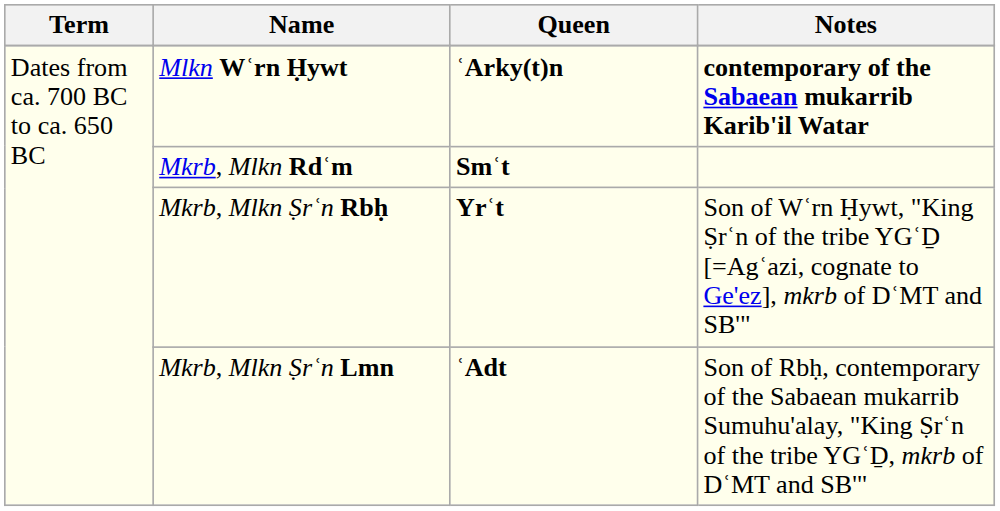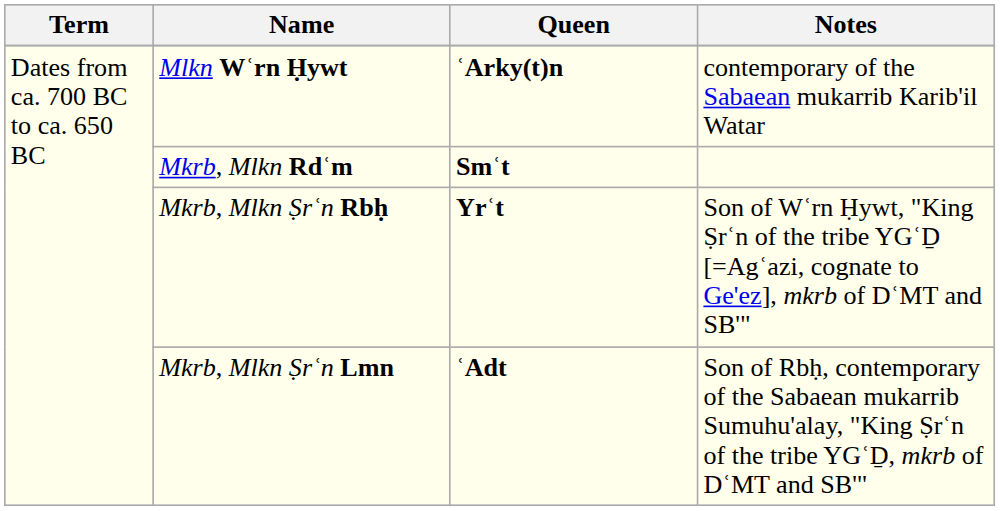 <table class="wikitable">
 <tr align=left>
 <th width="15%">Term</th>
 <th width="30%">Name</th>
 <th width="25%">Queen</th>
 <th width="30%">Notes</th>
 </tr>
 <tr valign=top>
 </tr>
 <tr valign=top bgcolor="#ffffec">
 <td rowspan="5">Dates from ca. 700 BC to ca. 650 BC</td>
 </tr>
 <tr valign=top bgcolor="#ffffec">
 <td><em><a href='#'>Mlkn</a></em> <strong>Wʿrn Ḥywt</strong></td>
 <td><strong>ʿArky(t)n</strong></td>
-<td><strong>contemporary of the <a href='#'>Sabaean</a> mukarrib Karib'il Watar</strong></td>
+<td>contemporary of the <a href='#'>Sabaean</a> mukarrib Karib'il Watar</td>
 </tr>
 <tr valign=top bgcolor="#ffffec">
 <td><em><a href='#'>Mkrb</a></em>, <em>Mlkn</em> <strong>Rdʿm</strong></td>
 <td><strong>Smʿt</strong></td>
 <td></td>
 </tr>
 <tr valign=top bgcolor="#ffffec">
 <td><em>Mkrb</em>, <em>Mlkn Ṣrʿn</em> <strong>Rbḥ</strong></td>
 <td><strong>Yrʿt</strong></td>
 <td>Son of Wʿrn Ḥywt, "King Ṣrʿn of the tribe YGʿḎ [=Agʿazi, cognate to <a href='#'>Ge'ez</a>], <em>mkrb</em> of DʿMT and SB'"</td>
 </tr>
 <tr valign=top bgcolor="#ffffec">
 <td><em>Mkrb</em>, <em>Mlkn Ṣrʿn</em> <strong>Lmn</strong></td>
 <td><strong>ʿAdt</strong></td>
 <td>Son of Rbḥ, contemporary of the Sabaean mukarrib Sumuhu'alay, "King Ṣrʿn of the tribe YGʿḎ, <em>mkrb</em> of DʿMT and SB'"</td>
 </tr>
 </table>
